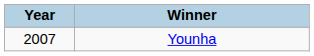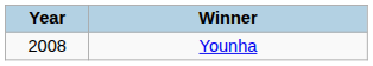 <table class="wikitable" style="text-align: center">
 <tr>
 <th width="70" style="background:#b3d1e3;">Year</th>
 <th width="250" style="background:#b3d1e3;">Winner</th>
 </tr>
 <tr>
-<td>2007</td>
+<td>2008</td>
 <td><a href='#'>Younha</a></td>
 </tr>
 </table>
